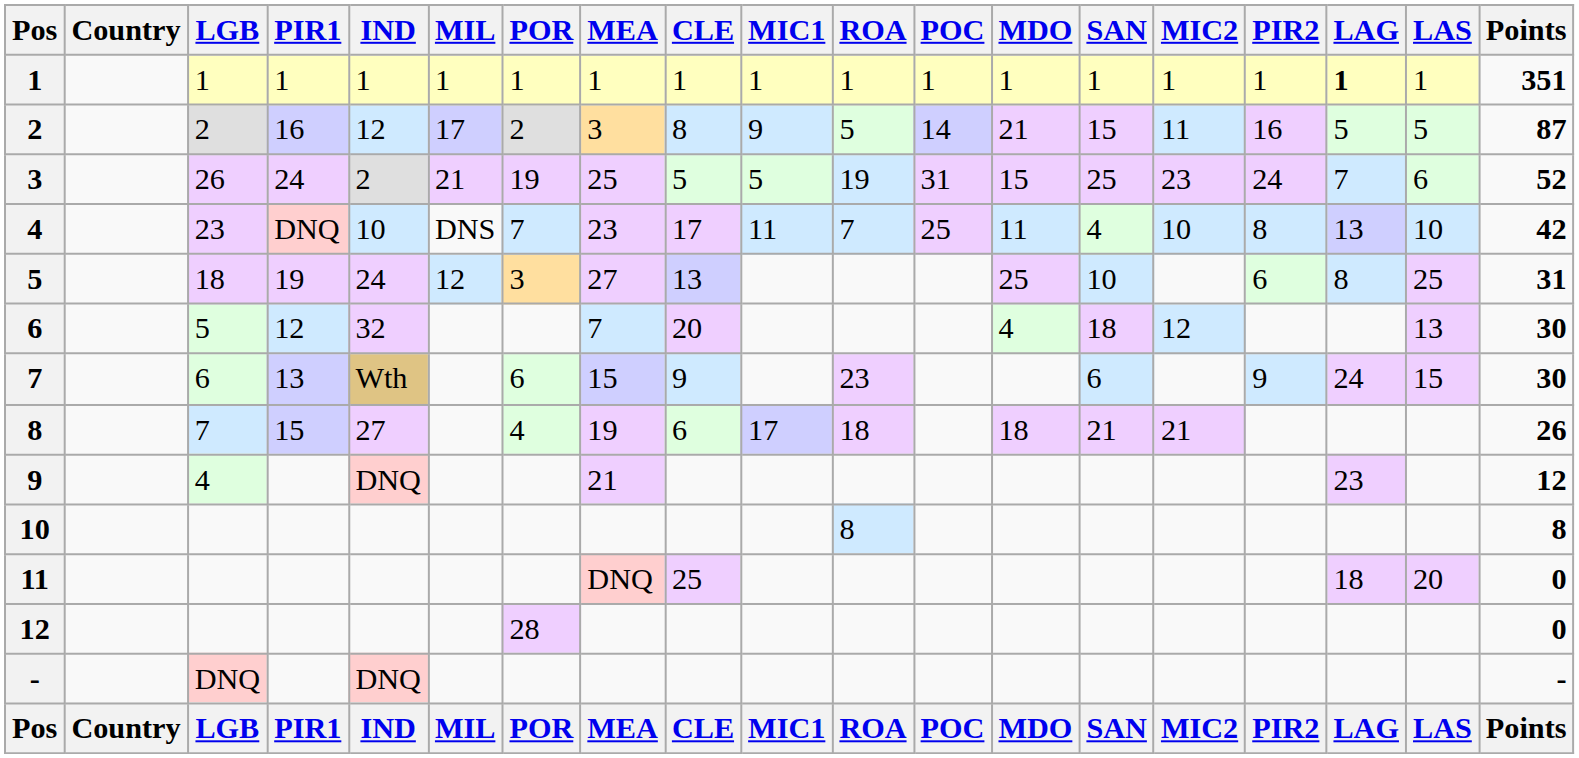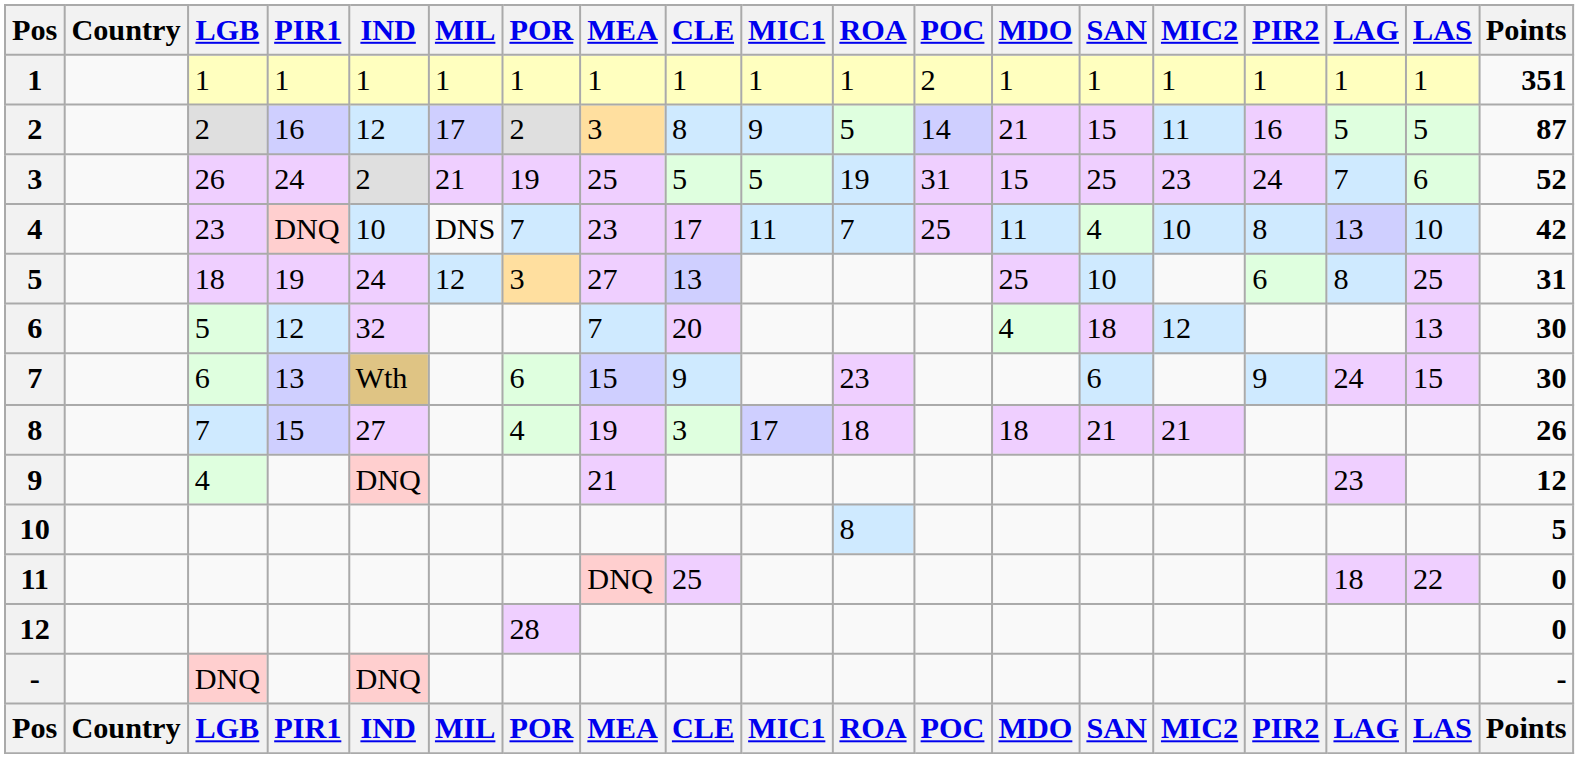 <table class="wikitable" style="font-size: 95%;">
 <tr valign="top">
 <th valign="middle">Pos</th>
 <th valign="middle">Country</th>
 <th width="27"><a href='#'>LGB</a></th>
 <th width="27"><a href='#'>PIR1</a></th>
 <th width="27"><a href='#'>IND</a></th>
 <th width="27"><a href='#'>MIL</a></th>
 <th width="27"><a href='#'>POR</a></th>
 <th width="27"><a href='#'>MEA</a></th>
 <th width="27"><a href='#'>CLE</a></th>
 <th width="27"><a href='#'>MIC1</a></th>
 <th width="27"><a href='#'>ROA</a></th>
 <th width="27"><a href='#'>POC</a></th>
 <th width="27"><a href='#'>MDO</a></th>
 <th width="27"><a href='#'>SAN</a></th>
 <th width="27"><a href='#'>MIC2</a></th>
 <th width="27"><a href='#'>PIR2</a></th>
 <th width="27"><a href='#'>LAG</a></th>
 <th width="27"><a href='#'>LAS</a></th>
 <th valign="middle">Points</th>
 </tr>
 <tr>
 <th>1</th>
 <td></td>
 <td style="background:#ffffbf;">1</td>
 <td style="background:#ffffbf;">1</td>
 <td style="background:#ffffbf;">1</td>
 <td style="background:#ffffbf;">1</td>
 <td style="background:#ffffbf;">1</td>
 <td style="background:#ffffbf;">1</td>
 <td style="background:#ffffbf;">1</td>
 <td style="background:#ffffbf;">1</td>
 <td style="background:#ffffbf;">1</td>
+<td style="background:#ffffbf;">2</td>
 <td style="background:#ffffbf;">1</td>
 <td style="background:#ffffbf;">1</td>
 <td style="background:#ffffbf;">1</td>
 <td style="background:#ffffbf;">1</td>
 <td style="background:#ffffbf;">1</td>
-<td style="background:#ffffbf;"><strong>1</strong></td>
 <td style="background:#ffffbf;">1</td>
 <td align="right"><strong>351</strong></td>
 </tr>
 <tr>
 <th>2</th>
 <td></td>
 <td style="background:#dfdfdf;">2</td>
 <td style="background:#cfcfff;">16</td>
 <td style="background:#CFEAFF;">12</td>
 <td style="background:#cfcfff;">17</td>
 <td style="background:#dfdfdf;">2</td>
 <td style="background:#ffdf9f;">3</td>
 <td style="background:#CFEAFF;">8</td>
 <td style="background:#CFEAFF;">9</td>
 <td style="background:#dfffdf;">5</td>
 <td style="background:#cfcfff;">14</td>
 <td style="background:#efcfff;">21</td>
 <td style="background:#efcfff;">15</td>
 <td style="background:#CFEAFF;">11</td>
 <td style="background:#efcfff;">16</td>
 <td style="background:#dfffdf;">5</td>
 <td style="background:#dfffdf;">5</td>
 <td align="right"><strong>87</strong></td>
 </tr>
 <tr>
 <th>3</th>
 <td></td>
 <td style="background:#efcfff;">26</td>
 <td style="background:#efcfff;">24</td>
 <td style="background:#dfdfdf;">2</td>
 <td style="background:#efcfff;">21</td>
 <td style="background:#efcfff;">19</td>
 <td style="background:#efcfff;">25</td>
 <td style="background:#dfffdf;">5</td>
 <td style="background:#dfffdf;">5</td>
 <td style="background:#CFEAFF;">19</td>
 <td style="background:#efcfff;">31</td>
 <td style="background:#efcfff;">15</td>
 <td style="background:#efcfff;">25</td>
 <td style="background:#efcfff;">23</td>
 <td style="background:#efcfff;">24</td>
 <td style="background:#CFEAFF;">7</td>
 <td style="background:#dfffdf;">6</td>
 <td align="right"><strong>52</strong></td>
 </tr>
 <tr>
 <th>4</th>
 <td></td>
 <td style="background:#efcfff;">23</td>
 <td style="background:#ffcfcf;">DNQ</td>
 <td style="background:#CFEAFF;">10</td>
 <td>DNS</td>
 <td style="background:#CFEAFF;">7</td>
 <td style="background:#efcfff;">23</td>
 <td style="background:#efcfff;">17</td>
 <td style="background:#CFEAFF;">11</td>
 <td style="background:#CFEAFF;">7</td>
 <td style="background:#efcfff;">25</td>
 <td style="background:#CFEAFF;">11</td>
 <td style="background:#dfffdf;">4</td>
 <td style="background:#CFEAFF;">10</td>
 <td style="background:#CFEAFF;">8</td>
 <td style="background:#cfcfff;">13</td>
 <td style="background:#CFEAFF;">10</td>
 <td align="right"><strong>42</strong></td>
 </tr>
 <tr>
 <th>5</th>
 <td></td>
 <td style="background:#efcfff;">18</td>
 <td style="background:#efcfff;">19</td>
 <td style="background:#efcfff;">24</td>
 <td style="background:#CFEAFF;">12</td>
 <td style="background:#ffdf9f;">3</td>
 <td style="background:#efcfff;">27</td>
 <td style="background:#cfcfff;">13</td>
 <td></td>
 <td></td>
 <td></td>
 <td style="background:#efcfff;">25</td>
 <td style="background:#CFEAFF;">10</td>
 <td></td>
 <td style="background:#dfffdf;">6</td>
 <td style="background:#CFEAFF;">8</td>
 <td style="background:#efcfff;">25</td>
 <td align="right"><strong>31</strong></td>
 </tr>
 <tr>
 <th>6</th>
 <td></td>
 <td style="background:#dfffdf;">5</td>
 <td style="background:#CFEAFF;">12</td>
 <td style="background:#efcfff;">32</td>
 <td></td>
 <td></td>
 <td style="background:#CFEAFF;">7</td>
 <td style="background:#efcfff;">20</td>
 <td></td>
 <td></td>
 <td></td>
 <td style="background:#dfffdf;">4</td>
 <td style="background:#efcfff;">18</td>
 <td style="background:#CFEAFF;">12</td>
 <td></td>
 <td></td>
 <td style="background:#efcfff;">13</td>
 <td align="right"><strong>30</strong></td>
 </tr>
 <tr>
 <th>7</th>
 <td></td>
 <td style="background:#dfffdf;">6</td>
 <td style="background:#cfcfff;">13</td>
 <td style="background:#dfc484;">Wth</td>
 <td></td>
 <td style="background:#dfffdf;">6</td>
 <td style="background:#cfcfff;">15</td>
 <td style="background:#CFEAFF;">9</td>
 <td></td>
 <td style="background:#efcfff;">23</td>
 <td></td>
 <td></td>
 <td style="background:#CFEAFF;">6</td>
 <td></td>
 <td style="background:#CFEAFF;">9</td>
 <td style="background:#efcfff;">24</td>
 <td style="background:#efcfff;">15</td>
 <td align="right"><strong>30</strong></td>
 </tr>
 <tr>
 <th>8</th>
 <td></td>
 <td style="background:#CFEAFF;">7</td>
 <td style="background:#cfcfff;">15</td>
 <td style="background:#efcfff;">27</td>
 <td></td>
 <td style="background:#dfffdf;">4</td>
 <td style="background:#efcfff;">19</td>
-<td style="background:#dfffdf;">6</td>
+<td style="background:#dfffdf;">3</td>
 <td style="background:#cfcfff;">17</td>
 <td style="background:#efcfff;">18</td>
 <td></td>
 <td style="background:#efcfff;">18</td>
 <td style="background:#efcfff;">21</td>
 <td style="background:#efcfff;">21</td>
 <td></td>
 <td></td>
 <td></td>
 <td align="right"><strong>26</strong></td>
 </tr>
 <tr>
 <th>9</th>
 <td></td>
 <td style="background:#dfffdf;">4</td>
 <td></td>
 <td style="background:#ffcfcf;">DNQ</td>
 <td></td>
 <td></td>
 <td style="background:#efcfff;">21</td>
 <td></td>
 <td></td>
 <td></td>
 <td></td>
 <td></td>
 <td></td>
 <td></td>
 <td></td>
 <td style="background:#efcfff;">23</td>
 <td></td>
 <td align="right"><strong>12</strong></td>
 </tr>
 <tr>
 <th>10</th>
 <td></td>
 <td></td>
 <td></td>
 <td></td>
 <td></td>
 <td></td>
 <td></td>
 <td></td>
 <td></td>
 <td style="background:#CFEAFF;">8</td>
 <td></td>
 <td></td>
 <td></td>
 <td></td>
 <td></td>
 <td></td>
 <td></td>
-<td align="right"><strong>8</strong></td>
+<td align="right"><strong>5</strong></td>
 </tr>
 <tr>
 <th>11</th>
 <td></td>
 <td></td>
 <td></td>
 <td></td>
 <td></td>
 <td></td>
 <td style="background:#ffcfcf;">DNQ</td>
 <td style="background:#efcfff;">25</td>
 <td></td>
 <td></td>
 <td></td>
 <td></td>
 <td></td>
 <td></td>
 <td></td>
 <td style="background:#efcfff;">18</td>
-<td style="background:#efcfff;">20</td>
+<td style="background:#efcfff;">22</td>
 <td align="right"><strong>0</strong></td>
 </tr>
 <tr>
 <th>12</th>
 <td></td>
 <td></td>
 <td></td>
 <td></td>
 <td></td>
 <td style="background:#efcfff;">28</td>
 <td></td>
 <td></td>
 <td></td>
 <td></td>
 <td></td>
 <td></td>
 <td></td>
 <td></td>
 <td></td>
 <td></td>
 <td></td>
 <td align="right"><strong>0</strong></td>
 </tr>
 <tr>
 <th>-</th>
 <td></td>
 <td style="background:#ffcfcf;">DNQ</td>
 <td></td>
 <td style="background:#ffcfcf;">DNQ</td>
 <td></td>
 <td></td>
 <td></td>
 <td></td>
 <td></td>
 <td></td>
 <td></td>
 <td></td>
 <td></td>
 <td></td>
 <td></td>
 <td></td>
 <td></td>
 <td align="right"><strong>-</strong></td>
 </tr>
 <tr style="background: #f9f9f9;" valign="top">
 <th valign="middle">Pos</th>
 <th valign="middle">Country</th>
 <th width="27"><a href='#'>LGB</a></th>
 <th width="27"><a href='#'>PIR1</a></th>
 <th width="27"><a href='#'>IND</a></th>
 <th width="27"><a href='#'>MIL</a></th>
 <th width="27"><a href='#'>POR</a></th>
 <th width="27"><a href='#'>MEA</a></th>
 <th width="27"><a href='#'>CLE</a></th>
 <th width="27"><a href='#'>MIC1</a></th>
 <th width="27"><a href='#'>ROA</a></th>
 <th width="27"><a href='#'>POC</a></th>
 <th width="27"><a href='#'>MDO</a></th>
 <th width="27"><a href='#'>SAN</a></th>
 <th width="27"><a href='#'>MIC2</a></th>
 <th width="27"><a href='#'>PIR2</a></th>
 <th width="27"><a href='#'>LAG</a></th>
 <th width="27"><a href='#'>LAS</a></th>
 <th valign="middle">Points</th>
 </tr>
 </table>
